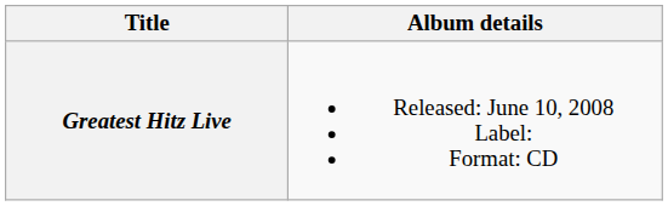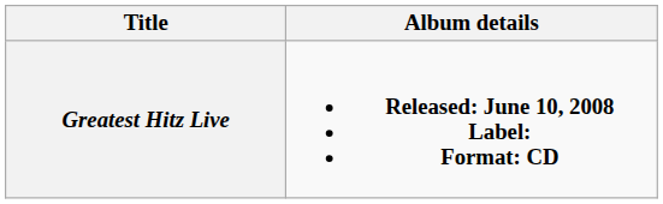 <table class="wikitable plainrowheaders" style="text-align:center;">
 <tr>
 <th scope="col" style="width:12em;">Title</th>
 <th scope="col" style="width:16em;">Album details</th>
 </tr>
 <tr>
 <th scope="row"><em>Greatest Hitz Live</em></th>
-<td><br><ul><li>Released: June 10, 2008</li><li>Label: </li><li>Format: CD</li></ul></td>
+<td><strong><br><ul><li>Released: June 10, 2008</li><li>Label: </li><li>Format: CD</li></ul></strong></td>
 </tr>
 </table>
